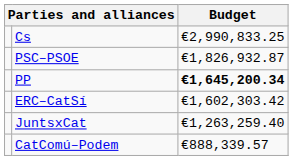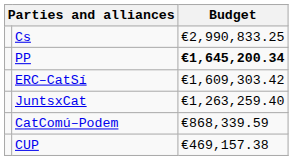 <table class="wikitable" style="text-align:left;">
 <tr>
 <th style="text-align:left;" colspan="2">Parties and alliances</th>
 <th>Budget</th>
 </tr>
 <tr>
 <td style="color:inherit;background:"></td>
 <td><a href='#'>Cs</a></td>
 <td>€2,990,833.25</td>
 </tr>
 <tr>
 <td style="color:inherit;background:"></td>
-<td><a href='#'>PSC–PSOE</a></td>
-<td>€1,826,932.87</td>
-</tr>
-<tr>
-<td style="color:inherit;background:"></td>
 <td><a href='#'>PP</a></td>
 <td><strong>€1,645,200.34</strong></td>
 </tr>
 <tr>
 <td style="color:inherit;background:"></td>
 <td><a href='#'>ERC–CatSí</a></td>
-<td>€1,602,303.42</td>
+<td>€1,609,303.42</td>
 </tr>
 <tr>
 <td width="1" style="color:inherit;background:"></td>
 <td><a href='#'>JuntsxCat</a></td>
 <td>€1,263,259.40</td>
 </tr>
 <tr>
 <td style="color:inherit;background:"></td>
 <td><a href='#'>CatComú–Podem</a></td>
-<td>€888,339.57</td>
+<td>€868,339.59</td>
+</tr>
+<tr>
+<td style="color:inherit;background:"></td>
+<td><a href='#'>CUP</a></td>
+<td>€469,157.38</td>
 </tr>
 </table>
